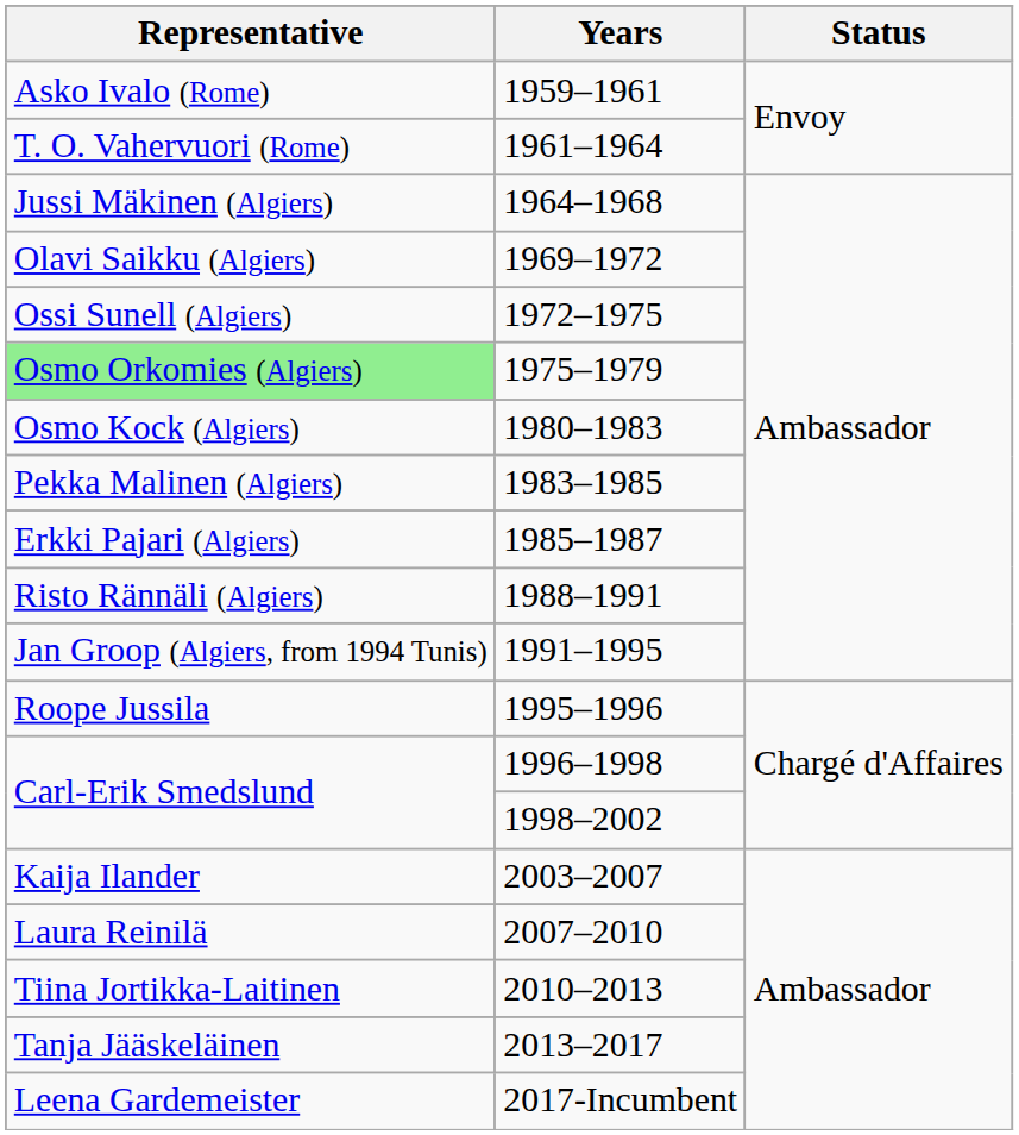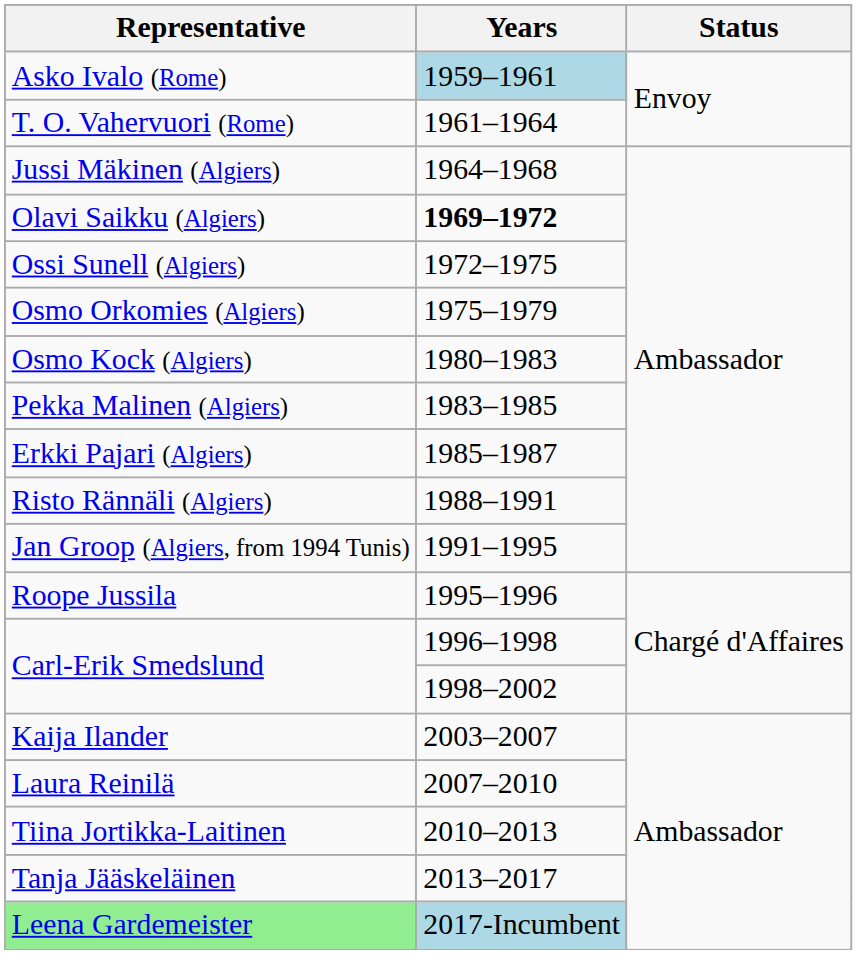 <table class="wikitable sortable">
 <tr>
 <th>Representative</th>
 <th>Years</th>
 <th>Status</th>
 </tr>
 <tr>
 <td><a href='#'>Asko Ivalo</a> <small> (<a href='#'>Rome</a>)</small></td>
-<td>1959–1961</td>
+<td style="background: lightblue;">1959–1961</td>
 <td rowspan="2">Envoy</td>
 </tr>
 <tr>
 <td><a href='#'>T. O. Vahervuori</a> <small> (<a href='#'>Rome</a>)</small></td>
 <td>1961–1964</td>
 </tr>
 <tr>
 <td><a href='#'>Jussi Mäkinen</a> <small>(<a href='#'>Algiers</a>)</small></td>
 <td>1964–1968</td>
 <td rowspan="9">Ambassador</td>
 </tr>
 <tr>
 <td><a href='#'>Olavi Saikku</a> <small>(<a href='#'>Algiers</a>)</small></td>
-<td>1969–1972</td>
+<td><strong>1969–1972</strong></td>
 </tr>
 <tr>
 <td><a href='#'>Ossi Sunell</a> <small>(<a href='#'>Algiers</a>)</small></td>
 <td>1972–1975</td>
 </tr>
 <tr>
-<td style="background: lightgreen;"><a href='#'>Osmo Orkomies</a> <small>(<a href='#'>Algiers</a>)</small></td>
+<td><a href='#'>Osmo Orkomies</a> <small>(<a href='#'>Algiers</a>)</small></td>
 <td>1975–1979</td>
 </tr>
 <tr>
 <td><a href='#'>Osmo Kock</a> <small>(<a href='#'>Algiers</a>)</small></td>
 <td>1980–1983</td>
 </tr>
 <tr>
 <td><a href='#'>Pekka Malinen</a> <small>(<a href='#'>Algiers</a>)</small></td>
 <td>1983–1985</td>
 </tr>
 <tr>
 <td><a href='#'>Erkki Pajari</a> <small>(<a href='#'>Algiers</a>)</small></td>
 <td>1985–1987</td>
 </tr>
 <tr>
 <td><a href='#'>Risto Rännäli</a> <small>(<a href='#'>Algiers</a>)</small></td>
 <td>1988–1991</td>
 </tr>
 <tr>
 <td><a href='#'>Jan Groop</a> <small> (<a href='#'>Algiers</a>, from 1994 Tunis)</small></td>
 <td>1991–1995</td>
 </tr>
 <tr>
 <td><a href='#'>Roope Jussila</a></td>
 <td>1995–1996</td>
 <td rowspan="3">Chargé d'Affaires</td>
 </tr>
 <tr>
 <td rowspan="2"><a href='#'>Carl-Erik Smedslund</a></td>
 <td>1996–1998</td>
 </tr>
 <tr>
 <td>1998–2002</td>
 </tr>
 <tr>
 <td><a href='#'>Kaija Ilander</a></td>
 <td>2003–2007</td>
 <td rowspan="5">Ambassador</td>
 </tr>
 <tr>
 <td><a href='#'>Laura Reinilä</a></td>
 <td>2007–2010</td>
 </tr>
 <tr>
 <td><a href='#'>Tiina Jortikka-Laitinen</a></td>
 <td>2010–2013</td>
 </tr>
 <tr>
 <td><a href='#'>Tanja Jääskeläinen</a></td>
 <td>2013–2017</td>
 </tr>
 <tr>
-<td><a href='#'>Leena Gardemeister</a></td>
-<td>2017-Incumbent</td>
+<td style="background: lightgreen;"><a href='#'>Leena Gardemeister</a></td>
+<td style="background: lightblue;">2017-Incumbent</td>
 </tr>
 </table>
